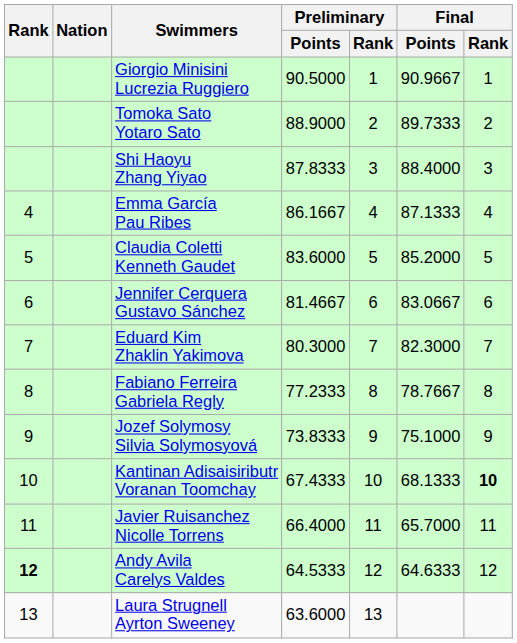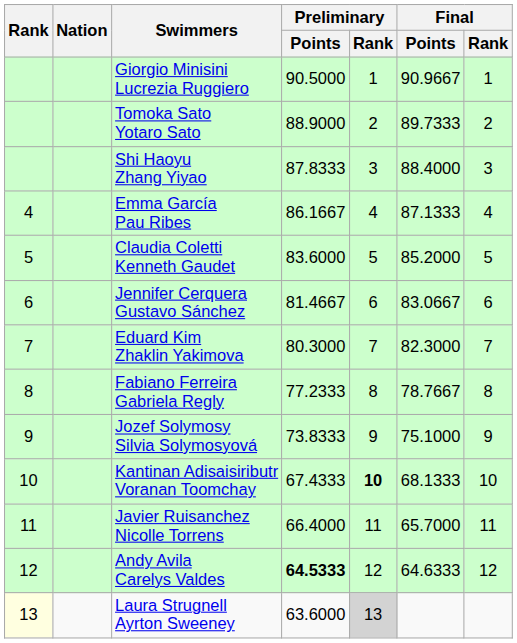 <table class="wikitable sortable" style="text-align:center">
 <tr>
 <th rowspan=2>Rank</th>
 <th rowspan=2>Nation</th>
 <th rowspan=2>Swimmers</th>
 <th colspan=2>Preliminary</th>
 <th colspan=2>Final</th>
 </tr>
 <tr>
 <th>Points</th>
 <th>Rank</th>
 <th>Points</th>
 <th>Rank</th>
 </tr>
 <tr bgcolor=ccffcc>
 <td></td>
 <td align=left></td>
 <td align=left><a href='#'>Giorgio Minisini</a><br><a href='#'>Lucrezia Ruggiero</a></td>
 <td>90.5000</td>
 <td>1</td>
 <td>90.9667</td>
 <td>1</td>
 </tr>
 <tr bgcolor=ccffcc>
 <td></td>
 <td align=left></td>
 <td align=left><a href='#'>Tomoka Sato</a><br><a href='#'>Yotaro Sato</a></td>
 <td>88.9000</td>
 <td>2</td>
 <td>89.7333</td>
 <td>2</td>
 </tr>
 <tr bgcolor=ccffcc>
 <td></td>
 <td align=left></td>
 <td align=left><a href='#'>Shi Haoyu</a><br><a href='#'>Zhang Yiyao</a></td>
 <td>87.8333</td>
 <td>3</td>
 <td>88.4000</td>
 <td>3</td>
 </tr>
 <tr bgcolor=ccffcc>
 <td>4</td>
 <td align=left></td>
 <td align=left><a href='#'>Emma García</a><br><a href='#'>Pau Ribes</a></td>
 <td>86.1667</td>
 <td>4</td>
 <td>87.1333</td>
 <td>4</td>
 </tr>
 <tr bgcolor=ccffcc>
 <td>5</td>
 <td align=left></td>
 <td align=left><a href='#'>Claudia Coletti</a><br><a href='#'>Kenneth Gaudet</a></td>
 <td>83.6000</td>
 <td>5</td>
 <td>85.2000</td>
 <td>5</td>
 </tr>
 <tr bgcolor=ccffcc>
 <td>6</td>
 <td align=left></td>
 <td align=left><a href='#'>Jennifer Cerquera</a><br><a href='#'>Gustavo Sánchez</a></td>
 <td>81.4667</td>
 <td>6</td>
 <td>83.0667</td>
 <td>6</td>
 </tr>
 <tr bgcolor=ccffcc>
 <td>7</td>
 <td align=left></td>
 <td align=left><a href='#'>Eduard Kim</a><br><a href='#'>Zhaklin Yakimova</a></td>
 <td>80.3000</td>
 <td>7</td>
 <td>82.3000</td>
 <td>7</td>
 </tr>
 <tr bgcolor=ccffcc>
 <td>8</td>
 <td align=left></td>
 <td align=left><a href='#'>Fabiano Ferreira</a><br><a href='#'>Gabriela Regly</a></td>
 <td>77.2333</td>
 <td>8</td>
 <td>78.7667</td>
 <td>8</td>
 </tr>
 <tr bgcolor=ccffcc>
 <td>9</td>
 <td align=left></td>
 <td align=left><a href='#'>Jozef Solymosy</a><br><a href='#'>Silvia Solymosyová</a></td>
 <td>73.8333</td>
 <td>9</td>
 <td>75.1000</td>
 <td>9</td>
 </tr>
 <tr bgcolor=ccffcc>
 <td>10</td>
 <td align=left></td>
 <td align=left><a href='#'>Kantinan Adisaisiributr</a><br><a href='#'>Voranan Toomchay</a></td>
 <td>67.4333</td>
+<td><strong>10</strong></td>
+<td>68.1333</td>
 <td>10</td>
-<td>68.1333</td>
-<td><strong>10</strong></td>
 </tr>
 <tr bgcolor=ccffcc>
 <td>11</td>
 <td align=left></td>
 <td align=left><a href='#'>Javier Ruisanchez</a><br><a href='#'>Nicolle Torrens</a></td>
 <td>66.4000</td>
 <td>11</td>
 <td>65.7000</td>
 <td>11</td>
 </tr>
 <tr bgcolor=ccffcc>
-<td><strong>12</strong></td>
+<td>12</td>
 <td align=left></td>
 <td align=left><a href='#'>Andy Avila</a><br><a href='#'>Carelys Valdes</a></td>
-<td>64.5333</td>
+<td><strong>64.5333</strong></td>
 <td>12</td>
 <td>64.6333</td>
 <td>12</td>
 </tr>
 <tr>
-<td>13</td>
+<td style="background: lightyellow;">13</td>
 <td align=left></td>
 <td align=left><a href='#'>Laura Strugnell</a><br><a href='#'>Ayrton Sweeney</a></td>
 <td>63.6000</td>
-<td>13</td>
+<td style="background: lightgrey;">13</td>
 <td></td>
 <td></td>
 </tr>
 </table>
